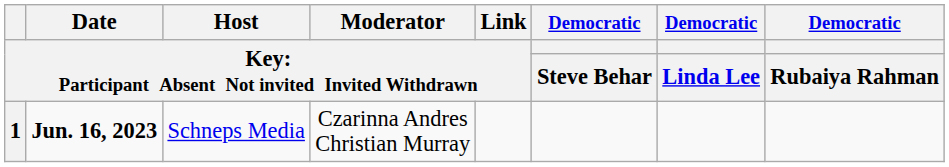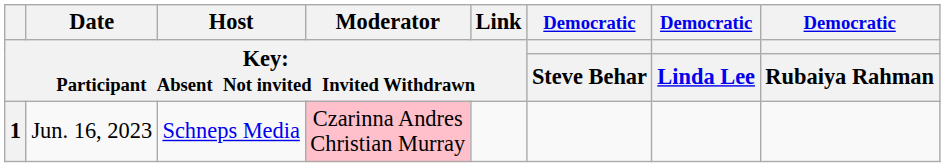 <table class="wikitable" style="text-align:center;">
 <tr>
 <th scope="col"></th>
 <th scope="col">Date</th>
 <th scope="col">Host</th>
 <th scope="col">Moderator</th>
 <th scope="col">Link</th>
 <th scope="col"><small><a href='#'>Democratic</a></small></th>
 <th scope="col"><small><a href='#'>Democratic</a></small></th>
 <th scope="col"><small><a href='#'>Democratic</a></small></th>
 </tr>
 <tr>
 <th colspan="5" rowspan="2">Key:<br> <small>Participant </small>  <small>Absent </small>  <small>Not invited </small>  <small>Invited  Withdrawn</small></th>
 <th scope="col" style="background:"></th>
 <th scope="col" style="background:"></th>
 <th scope="col" style="background:"></th>
 </tr>
 <tr>
 <th scope="col">Steve Behar</th>
 <th scope="col"><a href='#'>Linda Lee</a></th>
 <th scope="col">Rubaiya Rahman</th>
 </tr>
 <tr>
 <th>1</th>
-<td style="white-space:nowrap;"><strong>Jun. 16, 2023</strong></td>
+<td style="white-space:nowrap;">Jun. 16, 2023</td>
 <td style="white-space:nowrap;"><a href='#'>Schneps Media</a></td>
-<td style="white-space:nowrap;">Czarinna Andres<br>Christian Murray</td>
+<td style="background: pink; white-space:nowrap;">Czarinna Andres<br>Christian Murray</td>
 <td style="white-space:nowrap;"></td>
 <td></td>
 <td></td>
 <td></td>
 </tr>
 </table>
